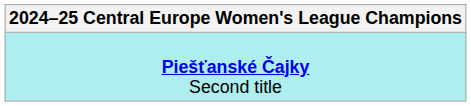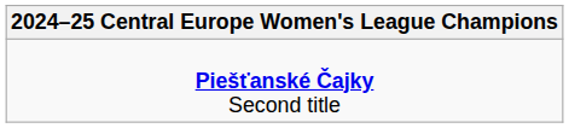 <table class=wikitable style="text-align:center; margin:auto">
 <tr>
 <th>2024–25 Central Europe Women's League Champions</th>
 </tr>
 <tr>
-<td style="background: paleturquoise;"> <br><strong><a href='#'>Piešťanské Čajky</a></strong><br>Second title</td>
+<td> <br><strong><a href='#'>Piešťanské Čajky</a></strong><br>Second title</td>
 </tr>
 </table>
